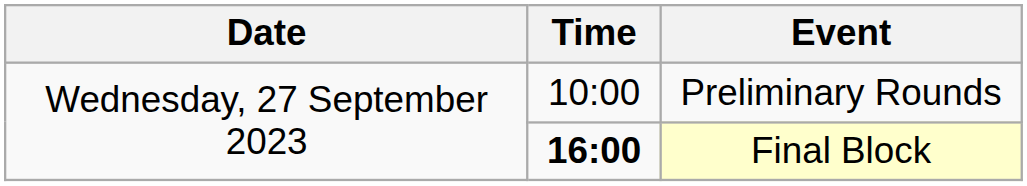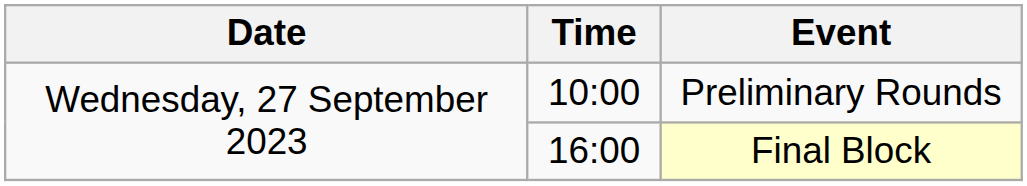 <table class = "wikitable" style="text-align:center;">
 <tr>
 <th width=220>Date</th>
 <th width=50>Time</th>
 <th width=150>Event</th>
 </tr>
 <tr>
 <td rowspan=2>Wednesday, 27 September 2023</td>
 <td>10:00</td>
 <td>Preliminary Rounds</td>
 </tr>
 <tr>
-<td><strong>16:00</strong></td>
+<td>16:00</td>
 <td bgcolor=ffffcc>Final Block</td>
 </tr>
 </table>
